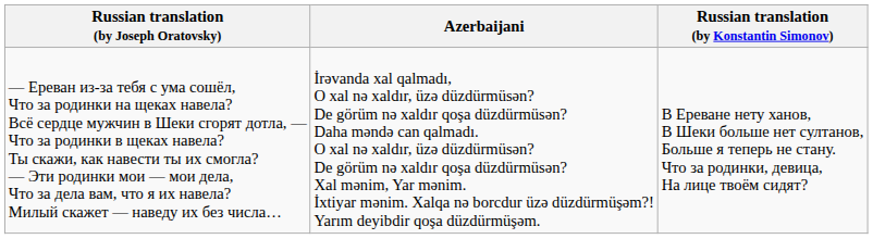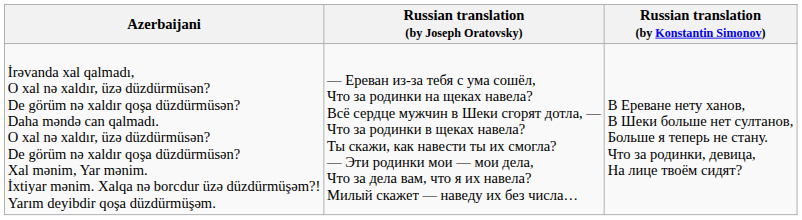 <table class="wikitable">
 <tr>
+<th>Azerbaijani</th>
 <th>Russian translation<br><small>(by Joseph Oratovsky)</small></th>
-<th>Azerbaijani</th>
 <th>Russian translation<br><small>(by <a href='#'>Konstantin Simonov</a>)</small></th>
 </tr>
 <tr>
+<td><br>İrəvanda xal qalmadı, <br>O xal nə xaldır, üzə düzdürmüsən? <br>De görüm nə xaldır qoşa düzdürmüsən? <br>Daha məndə can qalmadı. <br>O xal nə xaldır, üzə düzdürmüsən? <br>De görüm nə xaldır qoşa düzdürmüsən? <br>Xal mənim, Yar mənim. <br>İxtiyar mənim. Xalqa nə borcdur üzə düzdürmüşəm?! <br>Yarım deyibdir qoşa düzdürmüşəm.</td>
 <td><br>— Ереван из-за тебя с ума сошёл, <br>Что за родинки на щеках навела? <br>Всё сердце мужчин в Шеки сгорят дотла, — <br>Что за родинки в щеках навела? <br>Ты скажи, как навести ты их смогла? <br>— Эти родинки мои — мои дела, <br>Что за дела вам, что я их навела? <br>Милый скажет — наведу их без числа…</td>
-<td><br>İrəvanda xal qalmadı, <br>O xal nə xaldır, üzə düzdürmüsən? <br>De görüm nə xaldır qoşa düzdürmüsən? <br>Daha məndə can qalmadı. <br>O xal nə xaldır, üzə düzdürmüsən? <br>De görüm nə xaldır qoşa düzdürmüsən? <br>Xal mənim, Yar mənim. <br>İxtiyar mənim. Xalqa nə borcdur üzə düzdürmüşəm?! <br>Yarım deyibdir qoşa düzdürmüşəm.</td>
 <td><br>В Ереване нету ханов, <br>В Шеки больше нет султанов, <br>Больше я теперь не стану. <br>Что за родинки, девица, <br>На лице твоём сидят?</td>
 </tr>
 </table>
